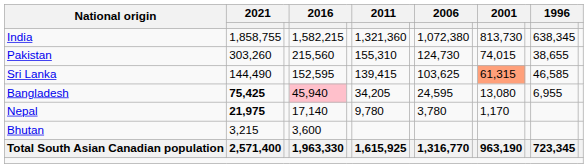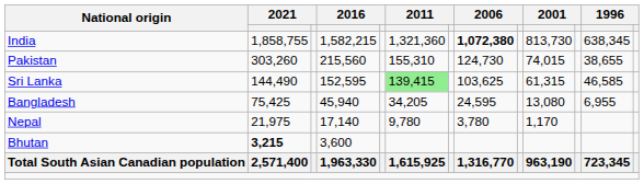 <table class="wikitable">
 <tr>
 <th rowspan="2">National origin</th>
 <th colspan="2">2021</th>
 <th colspan="2">2016</th>
 <th colspan="2">2011</th>
 <th colspan="2">2006</th>
 <th colspan="2">2001</th>
 <th colspan="2">1996</th>
 </tr>
 <tr>
 <th><a href='#'></a></th>
 <th></th>
 <th></th>
 <th></th>
 <th></th>
 <th></th>
 <th></th>
 <th></th>
 <th></th>
 <th></th>
 <th></th>
 <th></th>
 </tr>
 <tr>
 <td><a href='#'>India</a></td>
 <td>1,858,755</td>
 <td></td>
 <td>1,582,215</td>
 <td></td>
 <td>1,321,360</td>
 <td></td>
-<td>1,072,380</td>
+<td><strong>1,072,380</strong></td>
 <td></td>
 <td>813,730</td>
 <td></td>
 <td>638,345</td>
 <td></td>
 </tr>
 <tr>
 <td><a href='#'>Pakistan</a></td>
 <td>303,260</td>
 <td></td>
 <td>215,560</td>
 <td></td>
 <td>155,310</td>
 <td></td>
 <td>124,730</td>
 <td></td>
 <td>74,015</td>
 <td></td>
 <td>38,655</td>
 <td></td>
 </tr>
 <tr>
 <td><a href='#'>Sri Lanka</a></td>
 <td>144,490</td>
 <td></td>
 <td>152,595</td>
 <td></td>
-<td>139,415</td>
+<td style="background: lightgreen;">139,415</td>
 <td></td>
 <td>103,625</td>
 <td></td>
-<td style="background: lightsalmon;">61,315</td>
+<td>61,315</td>
 <td></td>
 <td>46,585</td>
 <td></td>
 </tr>
 <tr>
 <td><a href='#'>Bangladesh</a></td>
-<td><strong>75,425</strong></td>
+<td>75,425</td>
 <td></td>
-<td style="background: pink;">45,940</td>
+<td>45,940</td>
 <td></td>
 <td>34,205</td>
 <td></td>
 <td>24,595</td>
 <td></td>
 <td>13,080</td>
 <td></td>
 <td>6,955</td>
 <td></td>
 </tr>
 <tr>
 <td><a href='#'>Nepal</a></td>
-<td><strong>21,975</strong></td>
+<td>21,975</td>
 <td></td>
 <td>17,140</td>
 <td></td>
 <td>9,780</td>
 <td></td>
 <td>3,780</td>
 <td></td>
 <td>1,170</td>
 <td></td>
 <td></td>
 <td></td>
 </tr>
 <tr>
 <td><a href='#'>Bhutan</a></td>
-<td>3,215</td>
+<td><strong>3,215</strong></td>
 <td></td>
 <td>3,600</td>
 <td></td>
 <td></td>
 <td></td>
 <td></td>
 <td></td>
 <td></td>
 <td></td>
 <td></td>
 <td></td>
 </tr>
 <tr>
 <th>Total South Asian Canadian population</th>
 <th>2,571,400</th>
 <th></th>
 <th>1,963,330</th>
 <th></th>
 <th>1,615,925</th>
 <th></th>
 <th>1,316,770</th>
 <th></th>
 <th>963,190</th>
 <th></th>
 <th>723,345</th>
 <th></th>
 </tr>
 <tr class="sortbottom">
 <td colspan="20"></td>
 </tr>
 </table>
